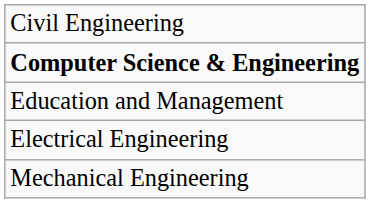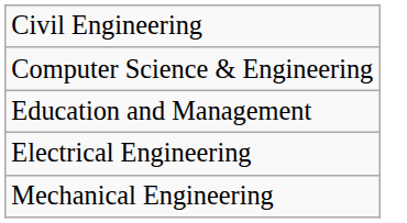 <table class="wikitable">
 <tr>
 <td>Civil Engineering</td>
 </tr>
 <tr>
-<td><strong>Computer Science & Engineering</strong></td>
+<td>Computer Science & Engineering</td>
 </tr>
 <tr>
 <td>Education and Management</td>
 </tr>
 <tr>
 <td>Electrical Engineering</td>
 </tr>
 <tr>
 <td>Mechanical Engineering</td>
 </tr>
 </table>
